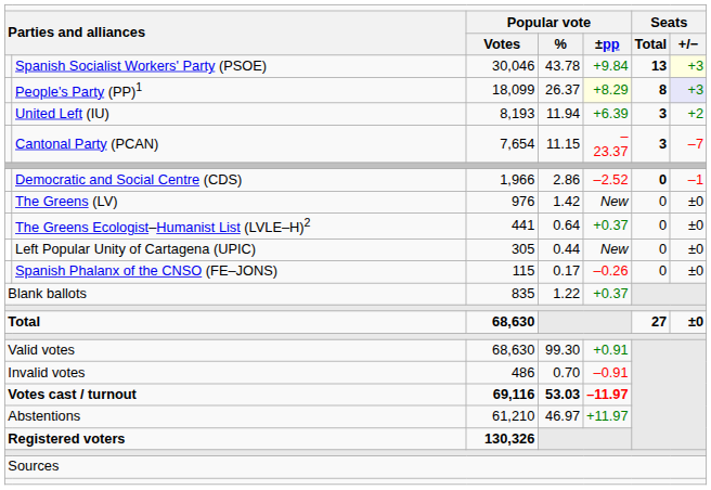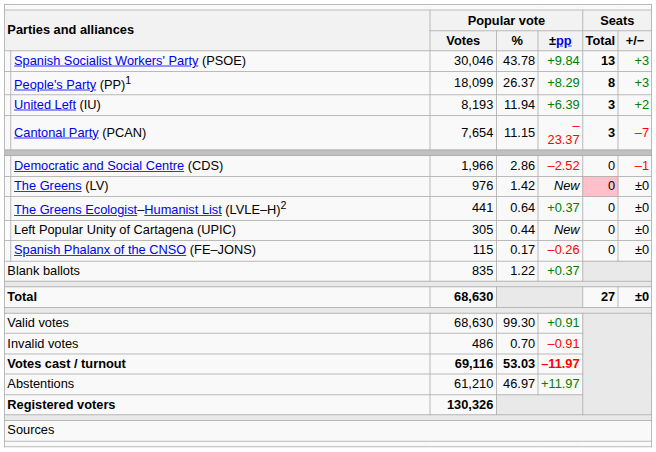 <table class="wikitable" style="text-align:right;">
 <tr>
 <td colspan="7"></td>
 </tr>
 <tr>
 <th style="text-align:left;" rowspan="2" colspan="2" width="525">Parties and alliances</th>
 <th colspan="3">Popular vote</th>
 <th colspan="2">Seats</th>
 </tr>
 <tr>
 <th width="75">Votes</th>
 <th width="45">%</th>
 <th width="45">±<a href='#'>pp</a></th>
 <th width="35">Total</th>
 <th width="35">+/−</th>
 </tr>
 <tr>
 <td width="1" style="color:inherit;background:"></td>
 <td align="left"><a href='#'>Spanish Socialist Workers' Party</a> (PSOE)</td>
 <td>30,046</td>
 <td>43.78</td>
 <td style="color:green;">+9.84</td>
 <td><strong>13</strong></td>
-<td style="background: lightyellow; color:green;">+3</td>
+<td style="color:green;">+3</td>
 </tr>
 <tr>
 <td style="color:inherit;background:"></td>
 <td align="left"><a href='#'>People's Party</a> (PP)<sup>1</sup></td>
 <td>18,099</td>
 <td>26.37</td>
-<td style="background: lightyellow; color:green;">+8.29</td>
+<td style="color:green;">+8.29</td>
 <td><strong>8</strong></td>
-<td style="background: lavender; color:green;">+3</td>
+<td style="color:green;">+3</td>
 </tr>
 <tr>
 <td style="color:inherit;background:"></td>
 <td align="left"><a href='#'>United Left</a> (IU)</td>
 <td>8,193</td>
 <td>11.94</td>
 <td style="color:green;">+6.39</td>
 <td><strong>3</strong></td>
 <td style="color:green;">+2</td>
 </tr>
 <tr>
 <td style="color:inherit;background:"></td>
 <td align="left"><a href='#'>Cantonal Party</a> (PCAN)</td>
 <td>7,654</td>
 <td>11.15</td>
 <td style="color:red;">–23.37</td>
 <td><strong>3</strong></td>
 <td style="color:red;">–7</td>
 </tr>
 <tr>
 <td colspan="7" bgcolor="#C0C0C0"></td>
 </tr>
 <tr>
 <td style="color:inherit;background:"></td>
 <td align="left"><a href='#'>Democratic and Social Centre</a> (CDS)</td>
 <td>1,966</td>
 <td>2.86</td>
 <td style="color:red;">–2.52</td>
-<td><strong>0</strong></td>
+<td>0</td>
 <td style="color:red;">–1</td>
 </tr>
 <tr>
 <td style="color:inherit;background:"></td>
 <td align="left"><a href='#'>The Greens</a> (LV)</td>
 <td>976</td>
 <td>1.42</td>
 <td><em>New</em></td>
-<td>0</td>
+<td style="background: pink;">0</td>
 <td>±0</td>
 </tr>
 <tr>
 <td style="color:inherit;background:"></td>
 <td align="left"><a href='#'>The Greens Ecologist</a>–<a href='#'>Humanist List</a> (LVLE–H)<sup>2</sup></td>
 <td>441</td>
 <td>0.64</td>
 <td style="color:green;">+0.37</td>
 <td>0</td>
 <td>±0</td>
 </tr>
 <tr>
 <td bgcolor="white"></td>
 <td align="left">Left Popular Unity of Cartagena (UPIC)</td>
 <td>305</td>
 <td>0.44</td>
 <td><em>New</em></td>
 <td>0</td>
 <td>±0</td>
 </tr>
 <tr>
 <td style="color:inherit;background:"></td>
 <td align="left"><a href='#'>Spanish Phalanx of the CNSO</a> (FE–JONS)</td>
 <td>115</td>
 <td>0.17</td>
 <td style="color:red;">–0.26</td>
 <td>0</td>
 <td>±0</td>
 </tr>
 <tr>
 <td align="left" colspan="2">Blank ballots</td>
 <td>835</td>
 <td>1.22</td>
 <td style="color:green;">+0.37</td>
 <td bgcolor="#E9E9E9" colspan="2"></td>
 </tr>
 <tr>
 <td colspan="7" bgcolor="#E9E9E9"></td>
 </tr>
 <tr style="font-weight:bold;">
 <td align="left" colspan="2">Total</td>
 <td>68,630</td>
 <td bgcolor="#E9E9E9" colspan="2"></td>
 <td>27</td>
 <td>±0</td>
 </tr>
 <tr>
 <td colspan="7" bgcolor="#E9E9E9"></td>
 </tr>
 <tr>
 <td align="left" colspan="2">Valid votes</td>
 <td>68,630</td>
 <td>99.30</td>
 <td style="color:green;">+0.91</td>
 <td bgcolor="#E9E9E9" colspan="2" rowspan="5"></td>
 </tr>
 <tr>
 <td align="left" colspan="2">Invalid votes</td>
 <td>486</td>
 <td>0.70</td>
 <td style="color:red;">–0.91</td>
 </tr>
 <tr style="font-weight:bold;">
 <td align="left" colspan="2">Votes cast / turnout</td>
 <td>69,116</td>
 <td>53.03</td>
 <td style="color:red;">–11.97</td>
 </tr>
 <tr>
 <td align="left" colspan="2">Abstentions</td>
 <td>61,210</td>
 <td>46.97</td>
 <td style="color:green;">+11.97</td>
 </tr>
 <tr style="font-weight:bold;">
 <td align="left" colspan="2">Registered voters</td>
 <td>130,326</td>
 <td bgcolor="#E9E9E9" colspan="2"></td>
 </tr>
 <tr>
 <td colspan="7" bgcolor="#E9E9E9"></td>
 </tr>
 <tr>
 <td align="left" colspan="7">Sources</td>
 </tr>
 <tr>
 <td colspan="7" style="text-align:left; max-width:790px;"></td>
 </tr>
 </table>
